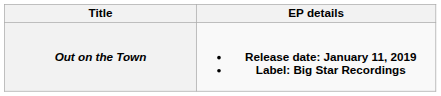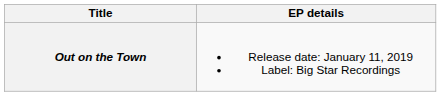 <table class="wikitable plainrowheaders" style="text-align:center;">
 <tr>
 <th style="width:16em;">Title</th>
 <th style="width:20em;">EP details</th>
 </tr>
 <tr>
 <th scope="row"><em>Out on the Town</em></th>
-<td><strong><br><ul><li>Release date: January 11, 2019</li><li>Label: Big Star Recordings</li></ul></strong></td>
+<td><br><ul><li>Release date: January 11, 2019</li><li>Label: Big Star Recordings</li></ul></td>
 </tr>
 </table>
